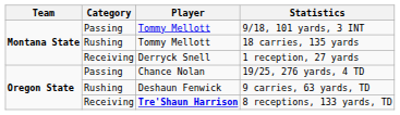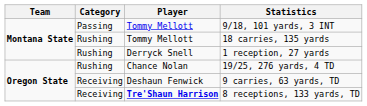 <table class="wikitable" style="float: right;">
 <tr>
 <th>Team</th>
 <th>Category</th>
 <th>Player</th>
 <th>Statistics</th>
 </tr>
 <tr>
 <td rowspan=3><strong>Montana State</strong></td>
 <td>Passing</td>
 <td><a href='#'>Tommy Mellott</a></td>
 <td>9/18, 101 yards, 3 INT</td>
 </tr>
 <tr>
 <td>Rushing</td>
 <td>Tommy Mellott</td>
 <td>18 carries, 135 yards</td>
 </tr>
 <tr>
-<td>Receiving</td>
+<td>Rushing</td>
 <td>Derryck Snell</td>
 <td>1 reception, 27 yards</td>
 </tr>
 <tr>
 <td rowspan=3><strong>Oregon State</strong></td>
-<td>Passing</td>
+<td>Rushing</td>
 <td>Chance Nolan</td>
 <td>19/25, 276 yards, 4 TD</td>
 </tr>
 <tr>
-<td>Rushing</td>
+<td>Receiving</td>
 <td>Deshaun Fenwick</td>
 <td>9 carries, 63 yards, TD</td>
 </tr>
 <tr>
 <td>Receiving</td>
 <td><strong><a href='#'>Tre'Shaun Harrison</a></strong></td>
 <td>8 receptions, 133 yards, TD</td>
 </tr>
 </table>
